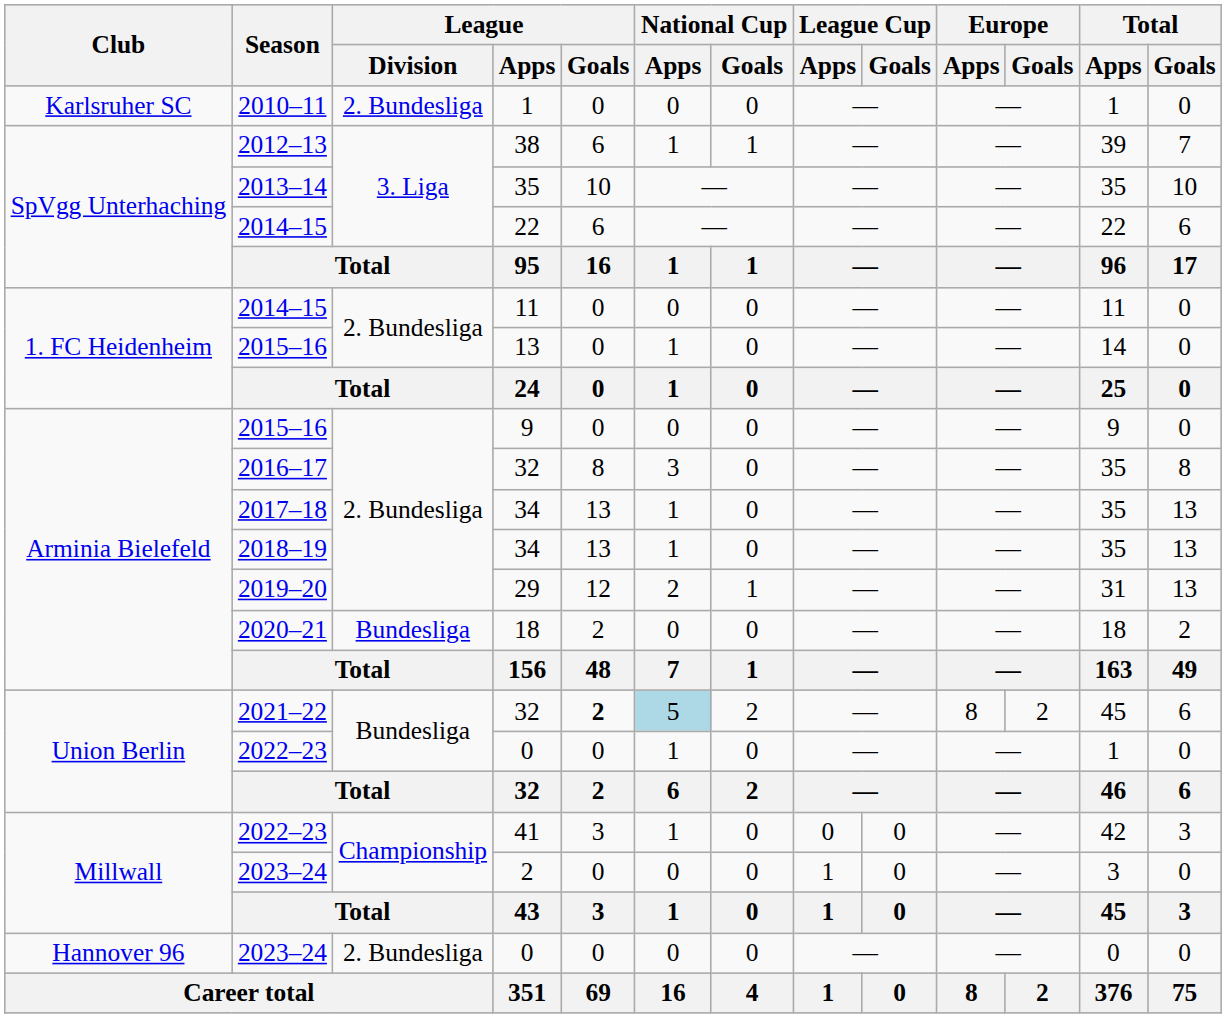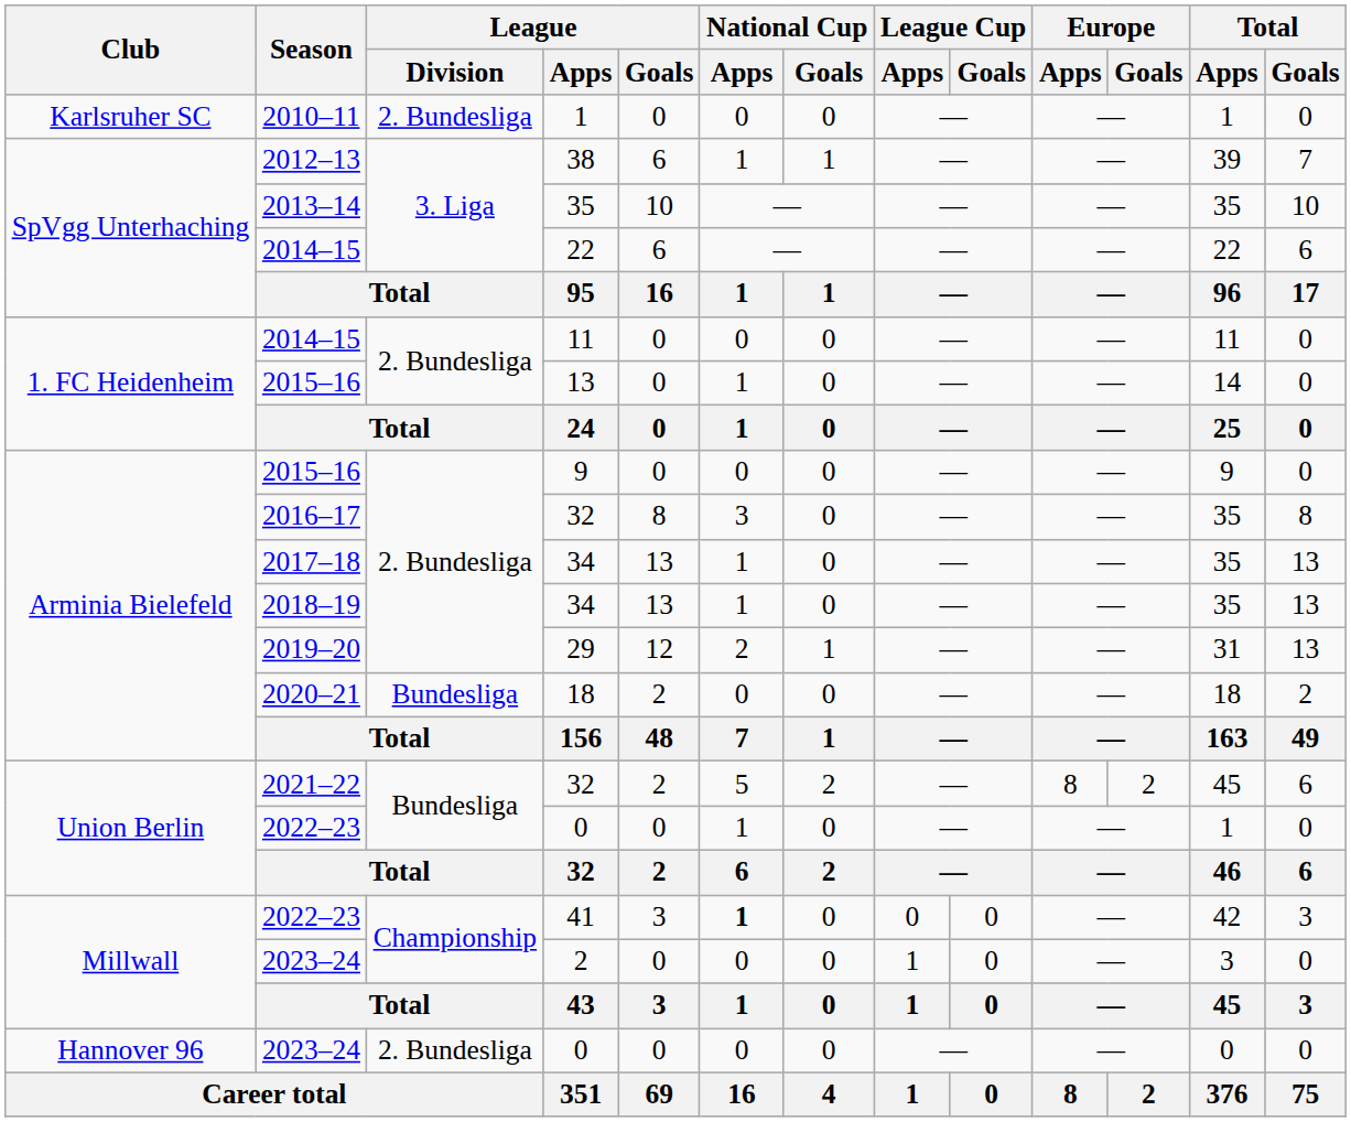 <table class="wikitable" style="text-align:center">
 <tr>
 <th rowspan="2">Club</th>
 <th rowspan="2">Season</th>
 <th colspan="3">League</th>
 <th colspan="2">National Cup</th>
 <th colspan="2">League Cup</th>
 <th colspan="2">Europe</th>
 <th colspan="2">Total</th>
 </tr>
 <tr>
 <th>Division</th>
 <th>Apps</th>
 <th>Goals</th>
 <th>Apps</th>
 <th>Goals</th>
 <th>Apps</th>
 <th>Goals</th>
 <th>Apps</th>
 <th>Goals</th>
 <th>Apps</th>
 <th>Goals</th>
 </tr>
 <tr>
 <td><a href='#'>Karlsruher SC</a></td>
 <td><a href='#'>2010–11</a></td>
 <td><a href='#'>2. Bundesliga</a></td>
 <td>1</td>
 <td>0</td>
 <td>0</td>
 <td>0</td>
 <td colspan="2">—</td>
 <td colspan="2">—</td>
 <td>1</td>
 <td>0</td>
 </tr>
 <tr>
 <td rowspan="4"><a href='#'>SpVgg Unterhaching</a></td>
 <td><a href='#'>2012–13</a></td>
 <td rowspan="3"><a href='#'>3. Liga</a></td>
 <td>38</td>
 <td>6</td>
 <td>1</td>
 <td>1</td>
 <td colspan="2">—</td>
 <td colspan="2">—</td>
 <td>39</td>
 <td>7</td>
 </tr>
 <tr>
 <td><a href='#'>2013–14</a></td>
 <td>35</td>
 <td>10</td>
 <td colspan="2">—</td>
 <td colspan="2">—</td>
 <td colspan="2">—</td>
 <td>35</td>
 <td>10</td>
 </tr>
 <tr>
 <td><a href='#'>2014–15</a></td>
 <td>22</td>
 <td>6</td>
 <td colspan="2">—</td>
 <td colspan="2">—</td>
 <td colspan="2">—</td>
 <td>22</td>
 <td>6</td>
 </tr>
 <tr>
 <th colspan="2">Total</th>
 <th>95</th>
 <th>16</th>
 <th>1</th>
 <th>1</th>
 <th colspan="2">—</th>
 <th colspan="2">—</th>
 <th>96</th>
 <th>17</th>
 </tr>
 <tr>
 <td rowspan="3"><a href='#'>1. FC Heidenheim</a></td>
 <td><a href='#'>2014–15</a></td>
 <td rowspan="2">2. Bundesliga</td>
 <td>11</td>
 <td>0</td>
 <td>0</td>
 <td>0</td>
 <td colspan="2">—</td>
 <td colspan="2">—</td>
 <td>11</td>
 <td>0</td>
 </tr>
 <tr>
 <td><a href='#'>2015–16</a></td>
 <td>13</td>
 <td>0</td>
 <td>1</td>
 <td>0</td>
 <td colspan="2">—</td>
 <td colspan="2">—</td>
 <td>14</td>
 <td>0</td>
 </tr>
 <tr>
 <th colspan="2">Total</th>
 <th>24</th>
 <th>0</th>
 <th>1</th>
 <th>0</th>
 <th colspan="2">—</th>
 <th colspan="2">—</th>
 <th>25</th>
 <th>0</th>
 </tr>
 <tr>
 <td rowspan="7"><a href='#'>Arminia Bielefeld</a></td>
 <td><a href='#'>2015–16</a></td>
 <td rowspan="5">2. Bundesliga</td>
 <td>9</td>
 <td>0</td>
 <td>0</td>
 <td>0</td>
 <td colspan="2">—</td>
 <td colspan="2">—</td>
 <td>9</td>
 <td>0</td>
 </tr>
 <tr>
 <td><a href='#'>2016–17</a></td>
 <td>32</td>
 <td>8</td>
 <td>3</td>
 <td>0</td>
 <td colspan="2">—</td>
 <td colspan="2">—</td>
 <td>35</td>
 <td>8</td>
 </tr>
 <tr>
 <td><a href='#'>2017–18</a></td>
 <td>34</td>
 <td>13</td>
 <td>1</td>
 <td>0</td>
 <td colspan="2">—</td>
 <td colspan="2">—</td>
 <td>35</td>
 <td>13</td>
 </tr>
 <tr>
 <td><a href='#'>2018–19</a></td>
 <td>34</td>
 <td>13</td>
 <td>1</td>
 <td>0</td>
 <td colspan="2">—</td>
 <td colspan="2">—</td>
 <td>35</td>
 <td>13</td>
 </tr>
 <tr>
 <td><a href='#'>2019–20</a></td>
 <td>29</td>
 <td>12</td>
 <td>2</td>
 <td>1</td>
 <td colspan="2">—</td>
 <td colspan="2">—</td>
 <td>31</td>
 <td>13</td>
 </tr>
 <tr>
 <td><a href='#'>2020–21</a></td>
 <td><a href='#'>Bundesliga</a></td>
 <td>18</td>
 <td>2</td>
 <td>0</td>
 <td>0</td>
 <td colspan="2">—</td>
 <td colspan="2">—</td>
 <td>18</td>
 <td>2</td>
 </tr>
 <tr>
 <th colspan="2">Total</th>
 <th>156</th>
 <th>48</th>
 <th>7</th>
 <th>1</th>
 <th colspan="2">—</th>
 <th colspan="2">—</th>
 <th>163</th>
 <th>49</th>
 </tr>
 <tr>
 <td rowspan="3"><a href='#'>Union Berlin</a></td>
 <td><a href='#'>2021–22</a></td>
 <td rowspan="2">Bundesliga</td>
 <td>32</td>
-<td><strong>2</strong></td>
-<td style="background: lightblue;">5</td>
+<td>2</td>
+<td>5</td>
 <td>2</td>
 <td colspan="2">—</td>
 <td>8</td>
 <td>2</td>
 <td>45</td>
 <td>6</td>
 </tr>
 <tr>
 <td><a href='#'>2022–23</a></td>
 <td>0</td>
 <td>0</td>
 <td>1</td>
 <td>0</td>
 <td colspan="2">—</td>
 <td colspan="2">—</td>
 <td>1</td>
 <td>0</td>
 </tr>
 <tr>
 <th colspan="2">Total</th>
 <th>32</th>
 <th>2</th>
 <th>6</th>
 <th>2</th>
 <th colspan="2">—</th>
 <th colspan="2">—</th>
 <th>46</th>
 <th>6</th>
 </tr>
 <tr>
 <td rowspan="3"><a href='#'>Millwall</a></td>
 <td><a href='#'>2022–23</a></td>
 <td rowspan="2"><a href='#'>Championship</a></td>
 <td>41</td>
 <td>3</td>
-<td>1</td>
+<td><strong>1</strong></td>
 <td>0</td>
 <td>0</td>
 <td>0</td>
 <td colspan="2">—</td>
 <td>42</td>
 <td>3</td>
 </tr>
 <tr>
 <td><a href='#'>2023–24</a></td>
 <td>2</td>
 <td>0</td>
 <td>0</td>
 <td>0</td>
 <td>1</td>
 <td>0</td>
 <td colspan="2">—</td>
 <td>3</td>
 <td>0</td>
 </tr>
 <tr>
 <th colspan="2">Total</th>
 <th>43</th>
 <th>3</th>
 <th>1</th>
 <th>0</th>
 <th>1</th>
 <th>0</th>
 <th colspan="2">—</th>
 <th>45</th>
 <th>3</th>
 </tr>
 <tr>
 <td><a href='#'>Hannover 96</a></td>
 <td><a href='#'>2023–24</a></td>
 <td>2. Bundesliga</td>
 <td>0</td>
 <td>0</td>
 <td>0</td>
 <td>0</td>
 <td colspan="2">—</td>
 <td colspan="2">—</td>
 <td>0</td>
 <td>0</td>
 </tr>
 <tr>
 <th colspan="3">Career total</th>
 <th>351</th>
 <th>69</th>
 <th>16</th>
 <th>4</th>
 <th>1</th>
 <th>0</th>
 <th>8</th>
 <th>2</th>
 <th>376</th>
 <th>75</th>
 </tr>
 </table>
